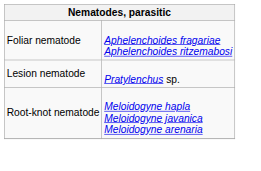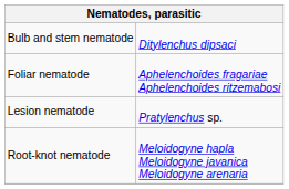 <table class="wikitable" style="clear">
 <tr>
 <th colspan=2><strong>Nematodes, parasitic</strong><br></th>
+</tr>
+<tr>
+<td>Bulb and stem nematode</td>
+<td><br><em><a href='#'>Ditylenchus dipsaci</a></em></td>
 </tr>
 <tr>
 <td>Foliar nematode</td>
 <td><br><em><a href='#'>Aphelenchoides fragariae</a></em><br> <em><a href='#'>Aphelenchoides ritzemabosi</a></em></td>
 </tr>
 <tr>
 <td>Lesion nematode</td>
 <td><br><em><a href='#'>Pratylenchus</a></em> sp.</td>
 </tr>
 <tr>
 <td>Root-knot nematode</td>
 <td><br><em><a href='#'>Meloidogyne hapla</a></em><br> <em><a href='#'>Meloidogyne javanica</a></em><br> <em><a href='#'>Meloidogyne arenaria</a></em></td>
 </tr>
 <tr>
 </tr>
 </table>
